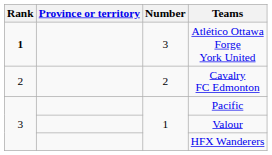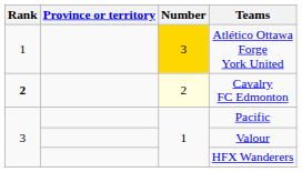 <table class="wikitable">
 <tr>
 <th>Rank</th>
 <th><a href='#'>Province or territory</a></th>
 <th>Number</th>
 <th>Teams</th>
 </tr>
 <tr>
-<td align=center><strong>1</strong></td>
+<td align=center>1</td>
 <td></td>
-<td align=center>3</td>
+<td align=center style="background: gold;">3</td>
 <td align=center><a href='#'>Atlético Ottawa</a><br><a href='#'>Forge</a><br><a href='#'>York United</a></td>
 </tr>
 <tr>
-<td align=center>2</td>
+<td align=center><strong>2</strong></td>
 <td></td>
-<td align=center>2</td>
+<td align=center style="background: lightyellow;">2</td>
 <td align=center><a href='#'>Cavalry</a><br><a href='#'>FC Edmonton</a></td>
 </tr>
 <tr>
 <td rowspan=3 align=center>3</td>
 <td></td>
 <td rowspan=3 align=center>1</td>
 <td align=center><a href='#'>Pacific</a></td>
 </tr>
 <tr>
 <td></td>
 <td align=center><a href='#'>Valour</a></td>
 </tr>
 <tr>
 <td></td>
 <td align=center><a href='#'>HFX Wanderers</a></td>
 </tr>
 </table>
